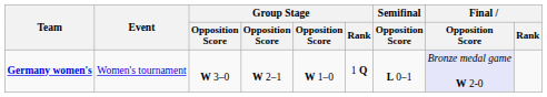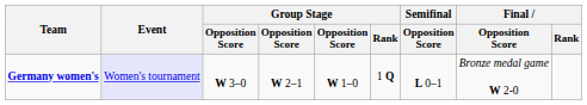 <table class="wikitable" style="font-size:90%">
 <tr>
 <th rowspan=2>Team</th>
 <th rowspan=2>Event</th>
 <th colspan=4>Group Stage</th>
 <th>Semifinal</th>
 <th colspan=2>Final / </th>
 </tr>
 <tr style="font-size:95%">
 <th>Opposition<br>Score</th>
 <th>Opposition<br>Score</th>
 <th>Opposition<br>Score</th>
 <th>Rank</th>
 <th>Opposition<br>Score</th>
 <th>Opposition<br>Score</th>
 <th>Rank</th>
 </tr>
 <tr align=center>
 <td align=left><strong><a href='#'>Germany women's</a></strong></td>
-<td align=left><a href='#'>Women's tournament</a></td>
+<td align=left style="background: lavender;"><a href='#'>Women's tournament</a></td>
 <td align=center><br><strong>W</strong> 3–0</td>
 <td align=center><br><strong>W</strong> 2–1</td>
 <td align=center><br><strong>W</strong> 1–0</td>
 <td align=center>1 <strong>Q</strong></td>
 <td align=center><br><strong>L</strong> 0–1</td>
-<td align=center style="background: lavender;"><em>Bronze medal game</em><br><br><strong>W</strong> 2-0</td>
+<td align=center><em>Bronze medal game</em><br><br><strong>W</strong> 2-0</td>
 <td align=center></td>
 </tr>
 </table>
